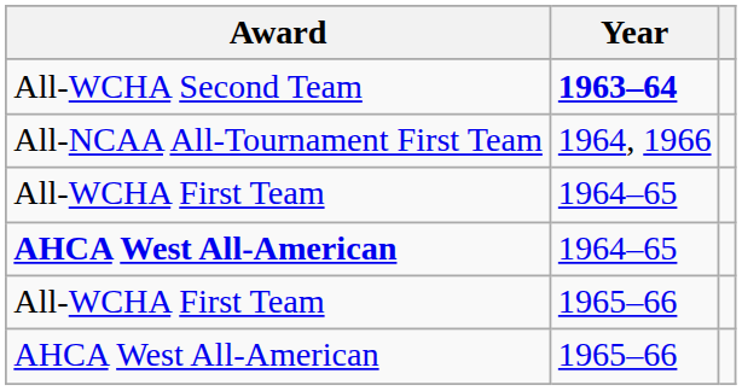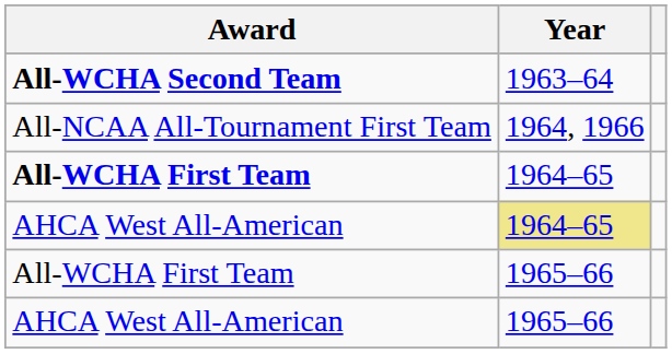 <table class="wikitable">
 <tr>
 <th>Award</th>
 <th>Year</th>
 <th></th>
 </tr>
 <tr>
-<td>All-<a href='#'>WCHA</a> <a href='#'>Second Team</a></td>
-<td><strong><a href='#'>1963–64</a></strong></td>
+<td><strong>All-<a href='#'>WCHA</a> <a href='#'>Second Team</a></strong></td>
+<td><a href='#'>1963–64</a></td>
 <td></td>
 </tr>
 <tr>
 <td>All-<a href='#'>NCAA</a> <a href='#'>All-Tournament First Team</a></td>
 <td><a href='#'>1964</a>, <a href='#'>1966</a></td>
 <td></td>
 </tr>
 <tr>
-<td>All-<a href='#'>WCHA</a> <a href='#'>First Team</a></td>
+<td><strong>All-<a href='#'>WCHA</a> <a href='#'>First Team</a></strong></td>
 <td><a href='#'>1964–65</a></td>
 <td></td>
 </tr>
 <tr>
-<td><strong><a href='#'>AHCA</a> <a href='#'>West All-American</a></strong></td>
-<td><a href='#'>1964–65</a></td>
+<td><a href='#'>AHCA</a> <a href='#'>West All-American</a></td>
+<td style="background: khaki;"><a href='#'>1964–65</a></td>
 <td></td>
 </tr>
 <tr>
 <td>All-<a href='#'>WCHA</a> <a href='#'>First Team</a></td>
 <td><a href='#'>1965–66</a></td>
 <td></td>
 </tr>
 <tr>
 <td><a href='#'>AHCA</a> <a href='#'>West All-American</a></td>
 <td><a href='#'>1965–66</a></td>
 <td></td>
 </tr>
 </table>
